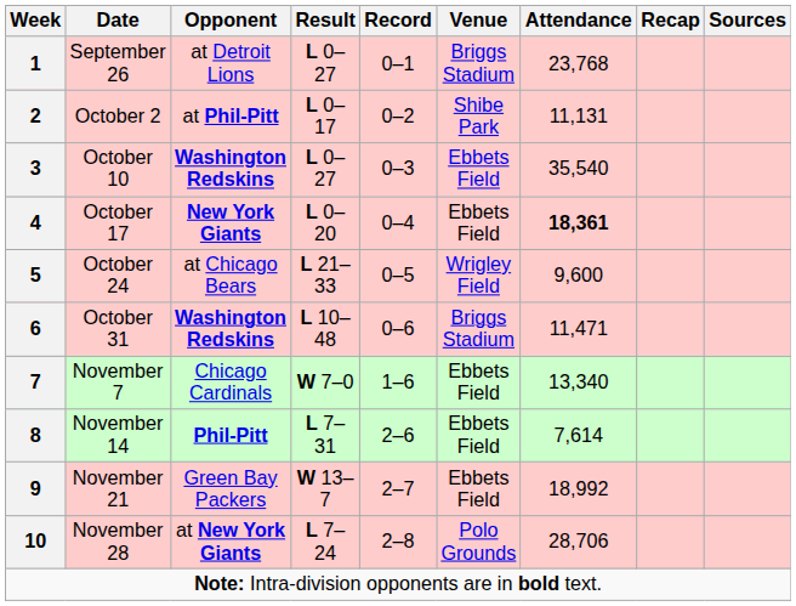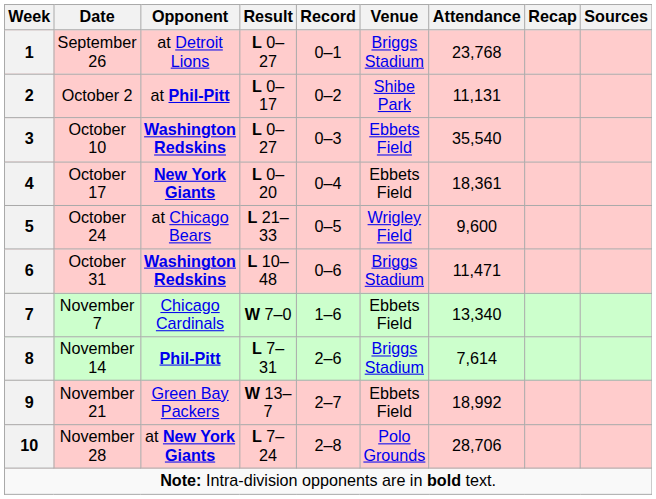 <table class="wikitable" style="text-align:center">
 <tr>
 <th>Week</th>
 <th>Date</th>
 <th>Opponent</th>
 <th>Result</th>
 <th>Record</th>
 <th>Venue</th>
 <th>Attendance</th>
 <th>Recap</th>
 <th>Sources</th>
 </tr>
 <tr style="background:#fcc">
 <th>1</th>
 <td>September 26</td>
 <td>at <a href='#'>Detroit Lions</a></td>
 <td><strong>L</strong> 0–27</td>
 <td>0–1</td>
 <td><a href='#'>Briggs Stadium</a></td>
 <td>23,768</td>
 <td></td>
 <td></td>
 </tr>
 <tr style="background:#fcc">
 <th>2</th>
 <td>October 2</td>
 <td>at <strong><a href='#'>Phil-Pitt</a></strong></td>
 <td><strong>L</strong> 0–17</td>
 <td>0–2</td>
 <td><a href='#'>Shibe Park</a></td>
 <td>11,131</td>
 <td></td>
 <td></td>
 </tr>
 <tr style="background:#fcc">
 <th>3</th>
 <td>October 10</td>
 <td><strong><a href='#'>Washington Redskins</a></strong></td>
 <td><strong>L</strong> 0–27</td>
 <td>0–3</td>
 <td><a href='#'>Ebbets Field</a></td>
 <td>35,540</td>
 <td></td>
 <td></td>
 </tr>
 <tr style="background:#fcc">
 <th>4</th>
 <td>October 17</td>
 <td><strong><a href='#'>New York Giants</a></strong></td>
 <td><strong>L</strong> 0–20</td>
 <td>0–4</td>
 <td>Ebbets Field</td>
-<td><strong>18,361</strong></td>
+<td>18,361</td>
 <td></td>
 <td></td>
 </tr>
 <tr style="background:#fcc">
 <th>5</th>
 <td>October 24</td>
 <td>at <a href='#'>Chicago Bears</a></td>
 <td><strong>L</strong> 21–33</td>
 <td>0–5</td>
 <td><a href='#'>Wrigley Field</a></td>
 <td>9,600</td>
 <td></td>
 <td></td>
 </tr>
 <tr style="background:#fcc">
 <th>6</th>
 <td>October 31</td>
 <td><strong><a href='#'>Washington Redskins</a></strong></td>
 <td><strong>L</strong> 10–48</td>
 <td>0–6</td>
 <td><a href='#'>Briggs Stadium</a></td>
 <td>11,471</td>
 <td></td>
 <td></td>
 </tr>
 <tr style="background:#cfc">
 <th>7</th>
 <td>November 7</td>
 <td><a href='#'>Chicago Cardinals</a></td>
 <td><strong>W</strong> 7–0</td>
 <td>1–6</td>
 <td>Ebbets Field</td>
 <td>13,340</td>
 <td></td>
 <td></td>
 </tr>
 <tr style="background:#cfc">
 <th>8</th>
 <td>November 14</td>
 <td><strong><a href='#'>Phil-Pitt</a></strong></td>
 <td><strong>L</strong> 7–31</td>
 <td>2–6</td>
-<td>Ebbets Field</td>
+<td><a href='#'>Briggs Stadium</a></td>
 <td>7,614</td>
 <td></td>
 <td></td>
 </tr>
 <tr style="background:#fcc">
 <th>9</th>
 <td>November 21</td>
 <td><a href='#'>Green Bay Packers</a></td>
 <td><strong>W</strong> 13–7</td>
 <td>2–7</td>
 <td>Ebbets Field</td>
 <td>18,992</td>
 <td></td>
 <td></td>
 </tr>
 <tr style="background:#fcc">
 <th>10</th>
 <td>November 28</td>
 <td>at <strong><a href='#'>New York Giants</a></strong></td>
 <td><strong>L</strong> 7–24</td>
 <td>2–8</td>
 <td><a href='#'>Polo Grounds</a></td>
 <td>28,706</td>
 <td></td>
 <td></td>
 </tr>
 <tr>
 <td colspan="10"><strong>Note:</strong> Intra-division opponents are in <strong>bold</strong> text.</td>
 </tr>
 </table>
